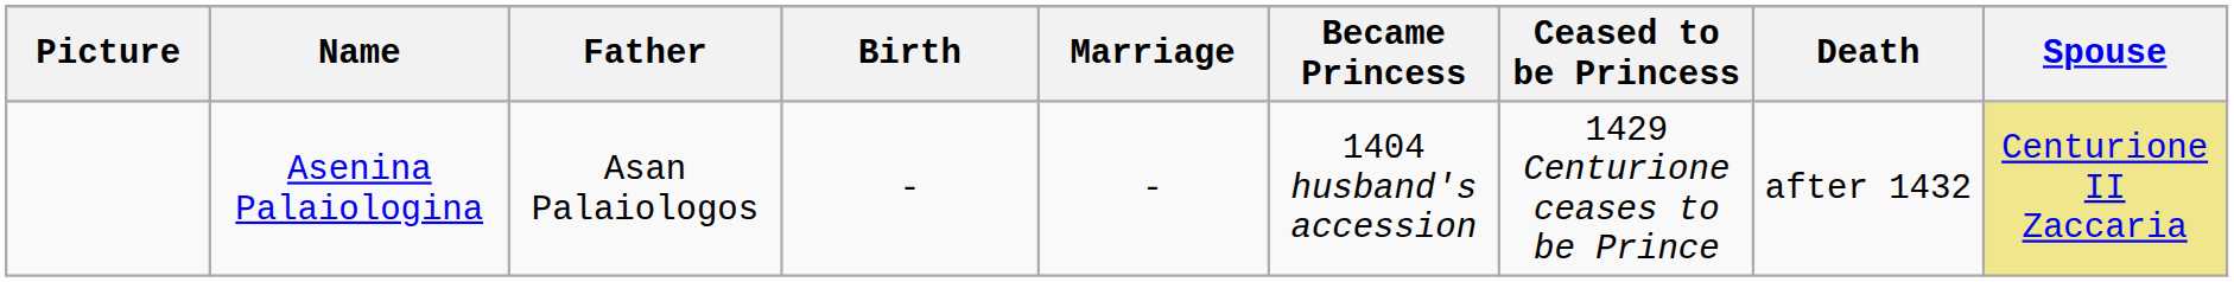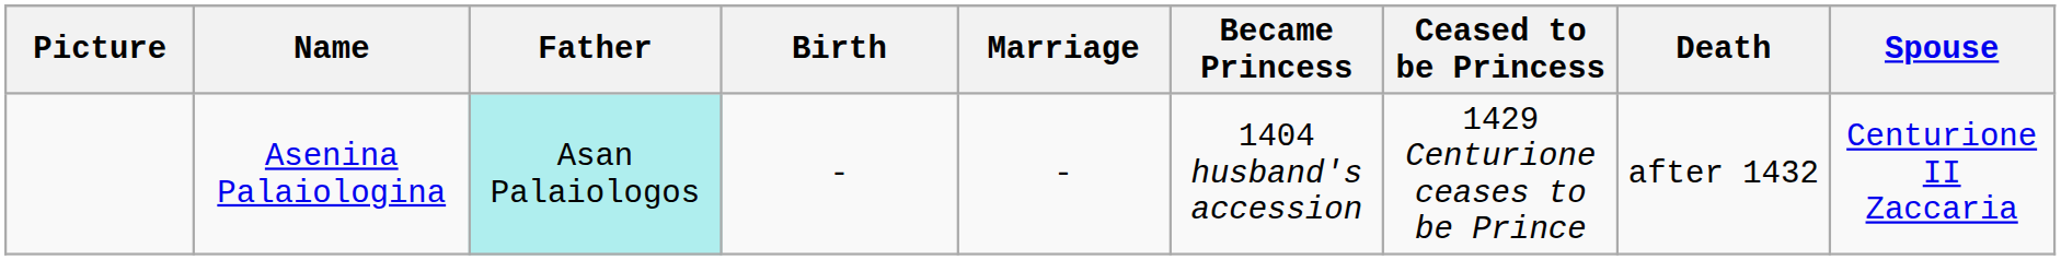 <table style="width:95%;" class="wikitable">
 <tr>
 </tr>
 <tr>
 <th style="width:8%;">Picture</th>
 <th style="width:10%;">Name</th>
 <th style="width:9%;">Father</th>
 <th style="width:10%;">Birth</th>
 <th style="width:9%;">Marriage</th>
 <th style="width:9%;">Became Princess</th>
 <th style="width:9%;">Ceased to be Princess</th>
 <th style="width:9%;">Death</th>
 <th style="width:6%;"><a href='#'>Spouse</a></th>
 </tr>
 <tr>
 <td style="text-align:center;"></td>
 <td style="text-align:center;"><a href='#'>Asenina Palaiologina</a></td>
-<td style="text-align:center;">Asan Palaiologos</td>
+<td style="background: paleturquoise; text-align:center;">Asan Palaiologos</td>
 <td style="text-align:center;">-</td>
 <td style="text-align:center;">-</td>
 <td style="text-align:center;">1404<br><em>husband's accession</em></td>
 <td style="text-align:center;">1429  <em>Centurione ceases to be Prince</em></td>
 <td style="text-align:center;">after 1432</td>
-<td style="background: khaki; text-align:center;"><a href='#'>Centurione II Zaccaria</a></td>
+<td style="text-align:center;"><a href='#'>Centurione II Zaccaria</a></td>
 </tr>
 </table>
